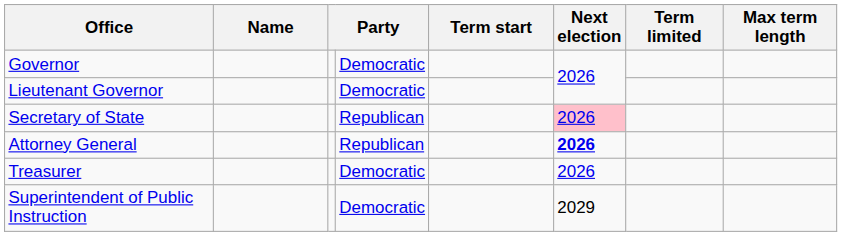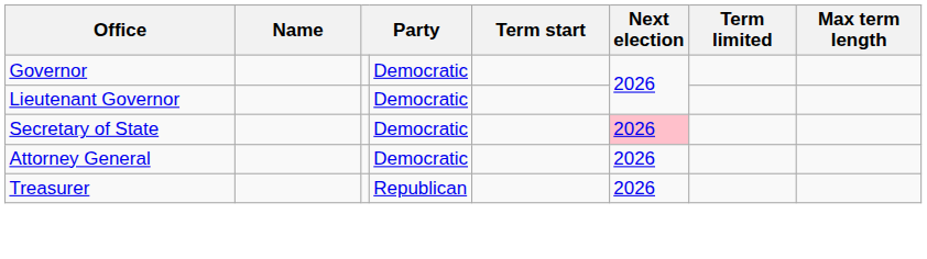 <table class="sortable wikitable">
 <tr>
 <th scope="col" width=190>Office</th>
 <th scope="col" width=100>Name</th>
 <th scope="col" width=75 colspan=2>Party</th>
 <th scope="col" width=110>Term start</th>
 <th scope="col" width=50>Next election</th>
 <th scope="col" width=85>Term limited</th>
 <th scope="col" width=100>Max term length</th>
 </tr>
 <tr>
 <td><a href='#'>Governor</a></td>
 <td></td>
 <td style="background-color:"></td>
 <td><a href='#'>Democratic</a></td>
 <td></td>
 <td rowspan=2><a href='#'>2026</a></td>
 <td></td>
 <td></td>
 </tr>
 <tr>
 <td><a href='#'>Lieutenant Governor</a></td>
 <td></td>
 <td style="background-color:"></td>
 <td><a href='#'>Democratic</a></td>
 <td></td>
 <td></td>
 <td></td>
 </tr>
 <tr>
 <td><a href='#'>Secretary of State</a></td>
 <td></td>
 <td style="background-color:"></td>
-<td><a href='#'>Republican</a></td>
+<td><a href='#'>Democratic</a></td>
 <td></td>
 <td style="background: pink;"><a href='#'>2026</a></td>
 <td></td>
 <td></td>
 </tr>
 <tr>
 <td><a href='#'>Attorney General</a></td>
 <td></td>
 <td style="background-color:"></td>
-<td><a href='#'>Republican</a></td>
+<td><a href='#'>Democratic</a></td>
 <td></td>
-<td><strong><a href='#'>2026</a></strong></td>
+<td><a href='#'>2026</a></td>
 <td></td>
 <td></td>
 </tr>
 <tr>
 <td><a href='#'>Treasurer</a></td>
 <td></td>
 <td style="background-color:"></td>
-<td><a href='#'>Democratic</a></td>
+<td><a href='#'>Republican</a></td>
 <td></td>
 <td><a href='#'>2026</a></td>
 <td></td>
 <td></td>
 </tr>
-<tr>
-<td><a href='#'>Superintendent of Public Instruction</a></td>
-<td></td>
-<td style="background-color:"></td>
-<td><a href='#'>Democratic</a></td>
-<td></td>
-<td>2029</td>
-<td></td>
-<td></td>
-</tr>
 </table>
